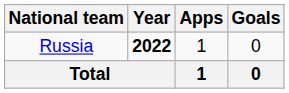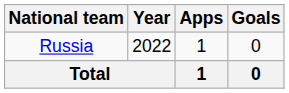 <table class=wikitable style=text-align:center>
 <tr>
 <th>National team</th>
 <th>Year</th>
 <th>Apps</th>
 <th>Goals</th>
 </tr>
 <tr>
 <td><a href='#'>Russia</a></td>
-<td><strong>2022</strong></td>
+<td>2022</td>
 <td>1</td>
 <td>0</td>
 </tr>
 <tr>
 <th colspan=2>Total</th>
 <th>1</th>
 <th>0</th>
 </tr>
 </table>
